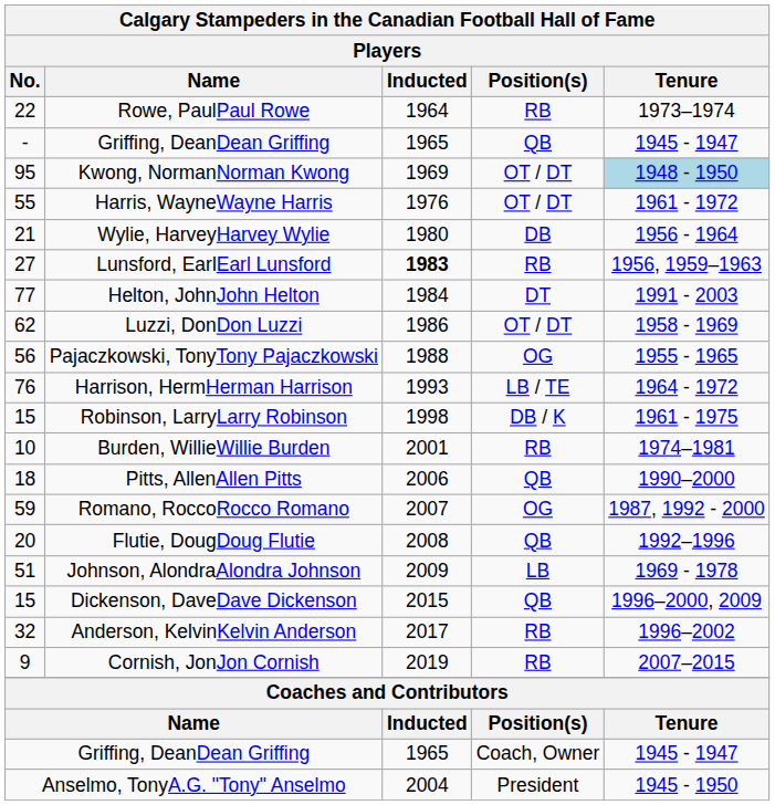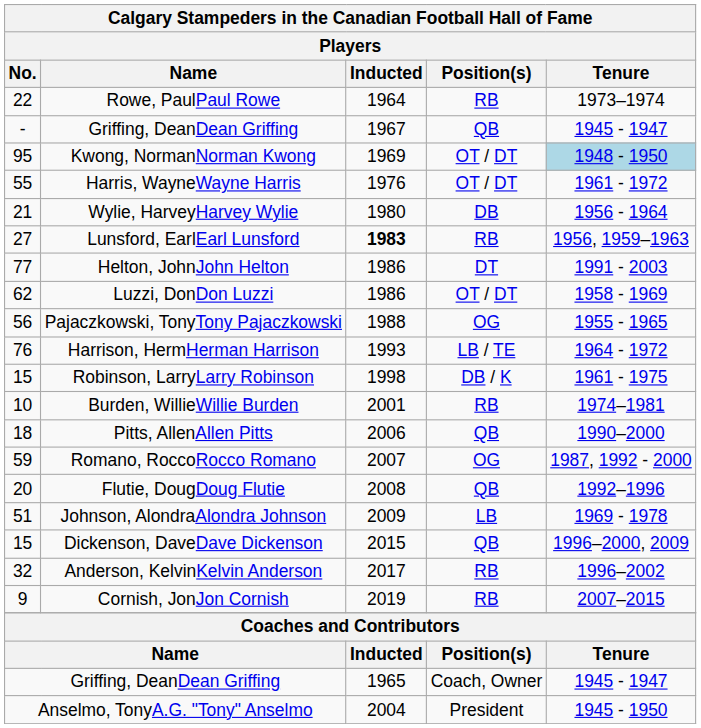 <table class="wikitable" style="text-align:center">
 <tr>
 <th colspan="5">Calgary Stampeders in the Canadian Football Hall of Fame</th>
 </tr>
 <tr>
 <th colspan="5">Players</th>
 </tr>
 <tr>
 <th>No.</th>
 <th>Name</th>
 <th>Inducted</th>
 <th>Position(s)</th>
 <th>Tenure</th>
 </tr>
 <tr>
 <td style="text-align:center;">22</td>
 <td><span>Rowe, Paul</span><a href='#'>Paul Rowe</a></td>
 <td style="text-align:center;">1964</td>
 <td><a href='#'>RB</a></td>
 <td style="text-align:center;">1973–1974</td>
 </tr>
 <tr>
 <td style="text-align:center;">-</td>
 <td><span>Griffing, Dean</span><a href='#'>Dean Griffing</a></td>
-<td style="text-align:center;">1965</td>
+<td style="text-align:center;">1967</td>
 <td><a href='#'>QB</a></td>
 <td style="text-align:center;"><a href='#'>1945</a> - <a href='#'>1947</a></td>
 </tr>
 <tr>
 <td style="text-align:center;">95</td>
 <td><span>Kwong, Norman</span><a href='#'>Norman Kwong</a></td>
 <td style="text-align:center;">1969</td>
 <td><a href='#'>OT</a> / <a href='#'>DT</a></td>
 <td style="background: lightblue; text-align:center;"><a href='#'>1948</a> - <a href='#'>1950</a></td>
 </tr>
 <tr>
 <td style="text-align:center;">55</td>
 <td><span>Harris, Wayne</span><a href='#'>Wayne Harris</a></td>
 <td style="text-align:center;">1976</td>
 <td><a href='#'>OT</a> / <a href='#'>DT</a></td>
 <td style="text-align:center;"><a href='#'>1961</a> - <a href='#'>1972</a></td>
 </tr>
 <tr>
 <td style="text-align:center;">21</td>
 <td><span>Wylie, Harvey</span><a href='#'>Harvey Wylie</a></td>
 <td style="text-align:center;">1980</td>
 <td><a href='#'>DB</a></td>
 <td style="text-align:center;"><a href='#'>1956</a> - <a href='#'>1964</a></td>
 </tr>
 <tr>
 <td style="text-align:center;">27</td>
 <td><span>Lunsford, Earl</span><a href='#'>Earl Lunsford</a></td>
 <td style="text-align:center;"><strong>1983</strong></td>
 <td><a href='#'>RB</a></td>
 <td style="text-align:center;"><a href='#'>1956</a>, <a href='#'>1959</a>–<a href='#'>1963</a></td>
 </tr>
 <tr>
 <td style="text-align:center;">77</td>
 <td><span>Helton, John</span><a href='#'>John Helton</a></td>
-<td style="text-align:center;">1984</td>
+<td style="text-align:center;">1986</td>
 <td><a href='#'>DT</a></td>
 <td style="text-align:center;"><a href='#'>1991</a> - <a href='#'>2003</a></td>
 </tr>
 <tr>
 <td style="text-align:center;">62</td>
 <td><span>Luzzi, Don</span><a href='#'>Don Luzzi</a></td>
 <td style="text-align:center;">1986</td>
 <td><a href='#'>OT</a> / <a href='#'>DT</a></td>
 <td style="text-align:center;"><a href='#'>1958</a> - <a href='#'>1969</a></td>
 </tr>
 <tr>
 <td style="text-align:center;">56</td>
 <td><span>Pajaczkowski, Tony</span><a href='#'>Tony Pajaczkowski</a></td>
 <td style="text-align:center;">1988</td>
 <td><a href='#'>OG</a></td>
 <td style="text-align:center;"><a href='#'>1955</a> - <a href='#'>1965</a></td>
 </tr>
 <tr>
 <td style="text-align:center;">76</td>
 <td><span>Harrison, Herm</span><a href='#'>Herman Harrison</a></td>
 <td style="text-align:center;">1993</td>
 <td><a href='#'>LB</a> / <a href='#'>TE</a></td>
 <td style="text-align:center;"><a href='#'>1964</a> - <a href='#'>1972</a></td>
 </tr>
 <tr>
 <td style="text-align:center;">15</td>
 <td><span>Robinson, Larry</span><a href='#'>Larry Robinson</a></td>
 <td style="text-align:center;">1998</td>
 <td><a href='#'>DB</a> / <a href='#'>K</a></td>
 <td style="text-align:center;"><a href='#'>1961</a> - <a href='#'>1975</a></td>
 </tr>
 <tr>
 <td style="text-align:center;">10</td>
 <td><span>Burden, Willie</span><a href='#'>Willie Burden</a></td>
 <td style="text-align:center;">2001</td>
 <td><a href='#'>RB</a></td>
 <td style="text-align:center;"><a href='#'>1974</a>–<a href='#'>1981</a></td>
 </tr>
 <tr>
 <td style="text-align:center;">18</td>
 <td><span>Pitts, Allen</span><a href='#'>Allen Pitts</a></td>
 <td style="text-align:center;">2006</td>
 <td><a href='#'>QB</a></td>
 <td style="text-align:center;"><a href='#'>1990</a>–<a href='#'>2000</a></td>
 </tr>
 <tr>
 <td style="text-align:center;">59</td>
 <td><span>Romano, Rocco</span><a href='#'>Rocco Romano</a></td>
 <td style="text-align:center;">2007</td>
 <td><a href='#'>OG</a></td>
 <td style="text-align:center;"><a href='#'>1987</a>, <a href='#'>1992</a> - <a href='#'>2000</a></td>
 </tr>
 <tr>
 <td style="text-align:center;">20</td>
 <td><span>Flutie, Doug</span><a href='#'>Doug Flutie</a></td>
 <td style="text-align:center;">2008</td>
 <td><a href='#'>QB</a></td>
 <td style="text-align:center;"><a href='#'>1992</a>–<a href='#'>1996</a></td>
 </tr>
 <tr>
 <td style="text-align:center;">51</td>
 <td><span>Johnson, Alondra</span><a href='#'>Alondra Johnson</a></td>
 <td style="text-align:center;">2009</td>
 <td><a href='#'>LB</a></td>
 <td style="text-align:center;"><a href='#'>1969</a> - <a href='#'>1978</a></td>
 </tr>
 <tr>
 <td style="text-align:center;">15</td>
 <td><span>Dickenson, Dave</span><a href='#'>Dave Dickenson</a></td>
 <td style="text-align:center;">2015</td>
 <td><a href='#'>QB</a></td>
 <td style="text-align:center;"><a href='#'>1996</a>–<a href='#'>2000</a>, <a href='#'>2009</a></td>
 </tr>
 <tr>
 <td style="text-align:center;">32</td>
 <td><span>Anderson, Kelvin</span><a href='#'>Kelvin Anderson</a></td>
 <td style="text-align:center;">2017</td>
 <td><a href='#'>RB</a></td>
 <td style="text-align:center;"><a href='#'>1996</a>–<a href='#'>2002</a></td>
 </tr>
 <tr>
 <td style="text-align:center;">9</td>
 <td><span>Cornish, Jon</span><a href='#'>Jon Cornish</a></td>
 <td style="text-align:center;">2019</td>
 <td><a href='#'>RB</a></td>
 <td style="text-align:center;"><a href='#'>2007</a>–<a href='#'>2015</a></td>
 </tr>
 <tr>
 </tr>
 <tr>
 <th colspan="5">Coaches and Contributors</th>
 </tr>
 <tr>
 <th colspan=2>Name</th>
 <th>Inducted</th>
 <th>Position(s)</th>
 <th>Tenure</th>
 </tr>
 <tr>
 <td colspan=2><span>Griffing, Dean</span><a href='#'>Dean Griffing</a></td>
 <td style="text-align:center;">1965</td>
 <td>Coach, Owner</td>
 <td style="text-align:center;"><a href='#'>1945</a> - <a href='#'>1947</a></td>
 </tr>
 <tr>
 <td colspan=2><span>Anselmo, Tony</span><a href='#'>A.G. "Tony" Anselmo</a></td>
 <td style="text-align:center;">2004</td>
 <td>President</td>
 <td style="text-align:center;"><a href='#'>1945</a> - <a href='#'>1950</a></td>
 </tr>
 <tr>
 </tr>
 </table>
